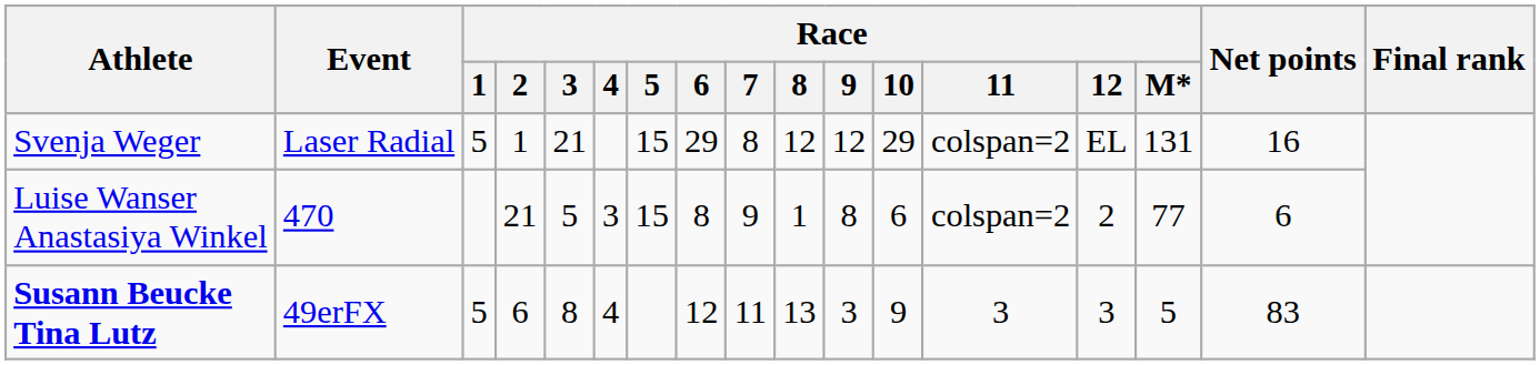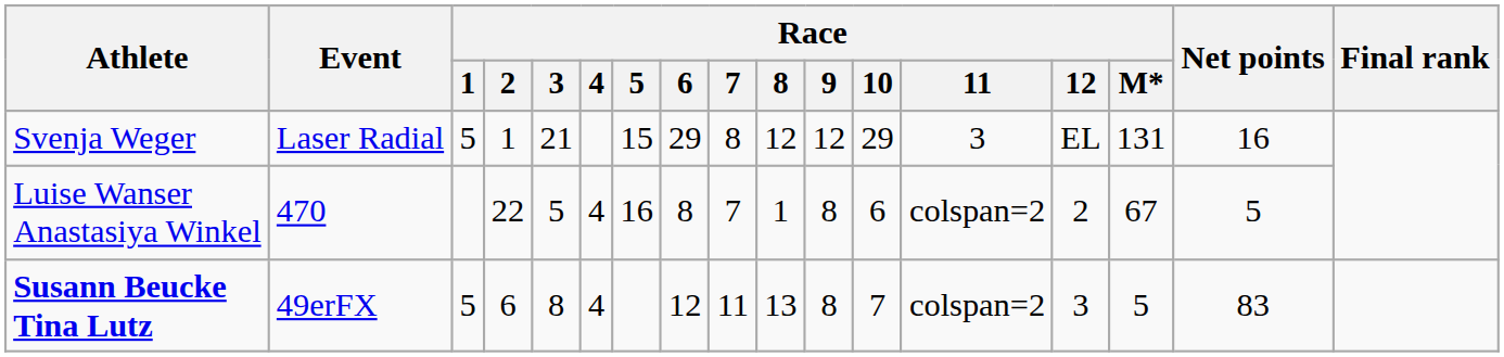 <table class="wikitable" style="font-size:90%">
 <tr>
 <th rowspan="2">Athlete</th>
 <th rowspan="2">Event</th>
 <th colspan=13>Race</th>
 <th rowspan=2>Net points</th>
 <th rowspan=2>Final rank</th>
 </tr>
 <tr style="font-size:95%">
 <th>1</th>
 <th>2</th>
 <th>3</th>
 <th>4</th>
 <th>5</th>
 <th>6</th>
 <th>7</th>
 <th>8</th>
 <th>9</th>
 <th>10</th>
 <th>11</th>
 <th>12</th>
 <th>M*</th>
 </tr>
 <tr align=center>
 <td align=left><a href='#'>Svenja Weger</a></td>
 <td align=left><a href='#'>Laser Radial</a></td>
 <td>5</td>
 <td>1</td>
 <td>21</td>
 <td></td>
 <td>15</td>
 <td>29</td>
 <td>8</td>
 <td>12</td>
 <td>12</td>
 <td>29</td>
-<td>colspan=2 </td>
+<td>3</td>
 <td>EL</td>
 <td>131</td>
 <td>16</td>
 </tr>
 <tr align=center>
 <td align=left><a href='#'>Luise Wanser</a><br><a href='#'>Anastasiya Winkel</a></td>
 <td align=left><a href='#'>470</a></td>
 <td></td>
-<td>21</td>
+<td>22</td>
 <td>5</td>
-<td>3</td>
-<td>15</td>
+<td>4</td>
+<td>16</td>
 <td>8</td>
-<td>9</td>
+<td>7</td>
 <td>1</td>
 <td>8</td>
 <td>6</td>
 <td>colspan=2 </td>
 <td>2</td>
-<td>77</td>
-<td>6</td>
+<td>67</td>
+<td>5</td>
 </tr>
 <tr align=center>
 <td align=left><strong><a href='#'>Susann Beucke</a><br><a href='#'>Tina Lutz</a></strong></td>
 <td align=left><a href='#'>49erFX</a></td>
 <td>5</td>
 <td>6</td>
 <td>8</td>
 <td>4</td>
 <td></td>
 <td>12</td>
 <td>11</td>
 <td>13</td>
-<td>3</td>
-<td>9</td>
-<td>3</td>
+<td>8</td>
+<td>7</td>
+<td>colspan=2 </td>
 <td>3</td>
 <td>5</td>
 <td>83</td>
 <td></td>
 </tr>
 </table>
